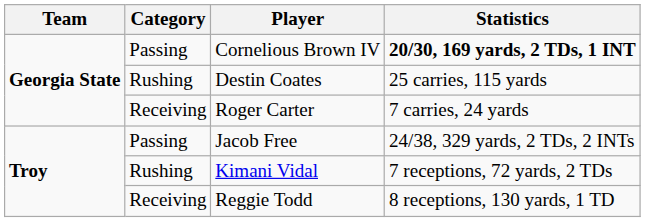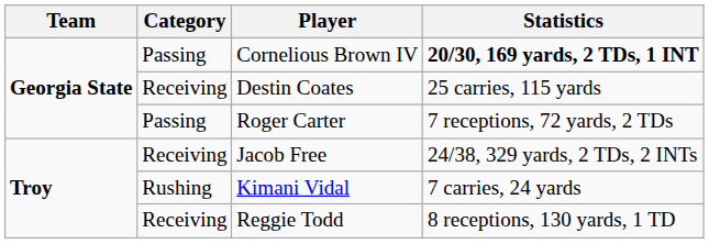 <table class="wikitable" style="float: left;">
 <tr>
 <th>Team</th>
 <th>Category</th>
 <th>Player</th>
 <th>Statistics</th>
 </tr>
 <tr>
 <td rowspan=3><strong>Georgia State</strong></td>
 <td>Passing</td>
 <td>Cornelious Brown IV</td>
 <td><strong>20/30, 169 yards, 2 TDs, 1 INT</strong></td>
 </tr>
 <tr>
-<td>Rushing</td>
+<td>Receiving</td>
 <td>Destin Coates</td>
 <td>25 carries, 115 yards</td>
 </tr>
 <tr>
-<td>Receiving</td>
+<td>Passing</td>
 <td>Roger Carter</td>
-<td>7 carries, 24 yards</td>
+<td>7 receptions, 72 yards, 2 TDs</td>
 </tr>
 <tr>
 <td rowspan=3><strong>Troy</strong></td>
-<td>Passing</td>
+<td>Receiving</td>
 <td>Jacob Free</td>
 <td>24/38, 329 yards, 2 TDs, 2 INTs</td>
 </tr>
 <tr>
 <td>Rushing</td>
 <td><a href='#'>Kimani Vidal</a></td>
-<td>7 receptions, 72 yards, 2 TDs</td>
+<td>7 carries, 24 yards</td>
 </tr>
 <tr>
 <td>Receiving</td>
 <td>Reggie Todd</td>
 <td>8 receptions, 130 yards, 1 TD</td>
 </tr>
 </table>
